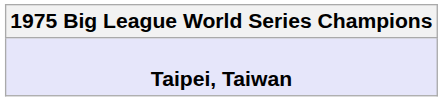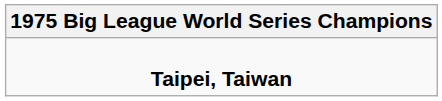 <table class="wikitable" style="text-align: center; margin: 0 auto;">
 <tr>
 <th>1975 Big League World Series Champions</th>
 </tr>
 <tr>
-<td style="background: lavender;"><br><strong>Taipei, Taiwan</strong></td>
+<td><br><strong>Taipei, Taiwan</strong></td>
 </tr>
 </table>
